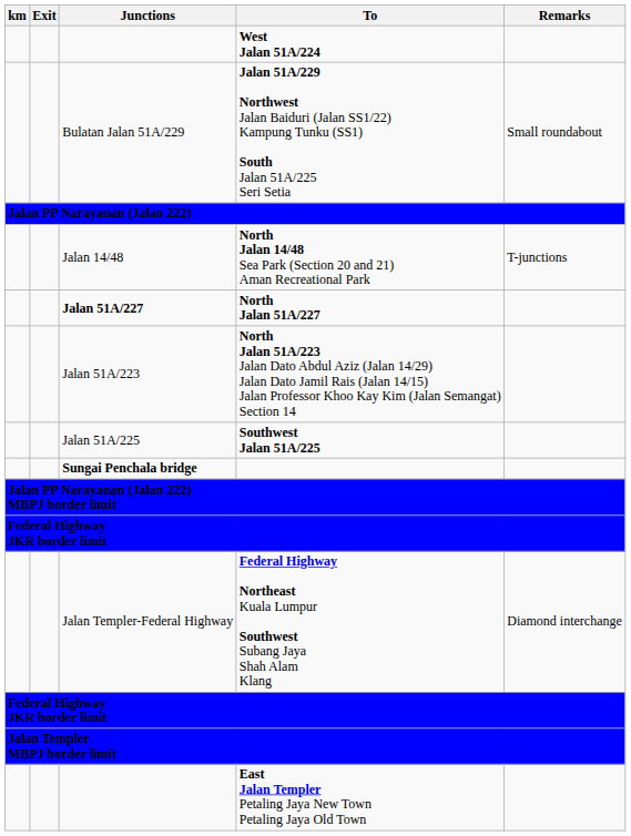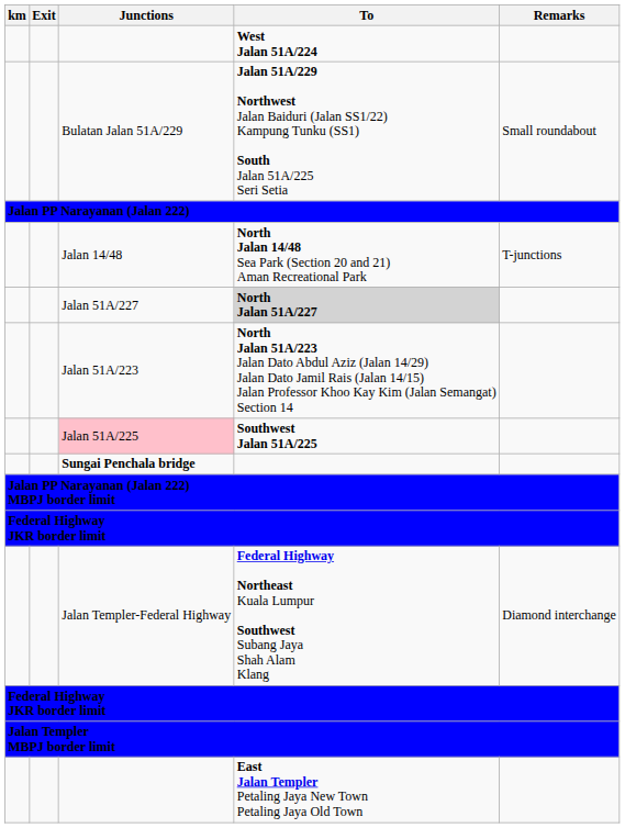 <table class="wikitable">
 <tr>
 <th>km</th>
 <th>Exit</th>
 <th>Junctions</th>
 <th>To</th>
 <th>Remarks</th>
 </tr>
 <tr>
 <td></td>
 <td></td>
 <td></td>
 <td><strong>West</strong><br><strong>Jalan 51A/224</strong></td>
 <td></td>
 </tr>
 <tr>
 <td></td>
 <td></td>
 <td>Bulatan Jalan 51A/229</td>
 <td><strong>Jalan 51A/229</strong><br><br><strong>Northwest</strong><br>Jalan Baiduri (Jalan SS1/22)<br>Kampung Tunku (SS1)<br><br><strong>South</strong><br>Jalan 51A/225<br>Seri Setia</td>
 <td>Small roundabout</td>
 </tr>
 <tr>
 <td style="width:600px" colspan="6" style="text-align:center" bgcolor="blue"><strong><span>Jalan PP Narayanan  (Jalan 222)</span></strong></td>
 </tr>
 <tr>
 <td></td>
 <td></td>
 <td>Jalan 14/48</td>
 <td><strong>North</strong><br><strong>Jalan 14/48</strong><br>Sea Park (Section 20 and 21)<br>Aman Recreational Park</td>
 <td>T-junctions</td>
 </tr>
 <tr>
 <td></td>
 <td></td>
-<td><strong>Jalan 51A/227</strong></td>
-<td><strong>North</strong><br><strong>Jalan 51A/227</strong></td>
+<td>Jalan 51A/227</td>
+<td style="background: lightgrey;"><strong>North</strong><br><strong>Jalan 51A/227</strong></td>
 <td></td>
 </tr>
 <tr>
 <td></td>
 <td></td>
 <td>Jalan 51A/223</td>
 <td><strong>North</strong><br><strong>Jalan 51A/223</strong><br>Jalan Dato Abdul Aziz (Jalan 14/29)<br>Jalan Dato Jamil Rais (Jalan 14/15)<br>Jalan Professor Khoo Kay Kim (Jalan Semangat)<br>Section 14</td>
 <td></td>
 </tr>
 <tr>
 <td></td>
 <td></td>
-<td>Jalan 51A/225</td>
+<td style="background: pink;">Jalan 51A/225</td>
 <td><strong>Southwest</strong><br><strong>Jalan 51A/225</strong></td>
 <td></td>
 </tr>
 <tr>
 <td></td>
 <td></td>
 <td><strong>Sungai Penchala bridge</strong></td>
 <td></td>
 <td></td>
 </tr>
 <tr>
 <td style="width:600px" colspan="6" style="text-align:center" bgcolor="blue"><strong><span>Jalan PP Narayanan (Jalan 222)<br>MBPJ border limit</span></strong></td>
 </tr>
 <tr>
 <td style="width:600px" colspan="6" style="text-align:center" bgcolor="blue"><strong><span> Federal Highway<br>JKR border limit</span></strong></td>
 </tr>
 <tr>
 <td></td>
 <td></td>
 <td>Jalan Templer-Federal Highway</td>
 <td> <strong><a href='#'>Federal Highway</a></strong><br><br><strong>Northeast</strong><br>Kuala Lumpur<br><br><strong>Southwest</strong><br>Subang Jaya<br>Shah Alam<br>Klang</td>
 <td>Diamond interchange</td>
 </tr>
 <tr>
 <td style="width:600px" colspan="6" style="text-align:center" bgcolor="blue"><strong><span> Federal Highway<br>JKR border limit</span></strong></td>
 </tr>
 <tr>
 <td style="width:600px" colspan="6" style="text-align:center" bgcolor="blue"><strong><span>Jalan Templer<br>MBPJ border limit</span></strong></td>
 </tr>
 <tr>
 <td></td>
 <td></td>
 <td></td>
 <td><strong>East</strong><br><strong><a href='#'>Jalan Templer</a></strong><br>Petaling Jaya New Town<br>Petaling Jaya Old Town</td>
 <td></td>
 </tr>
 </table>
